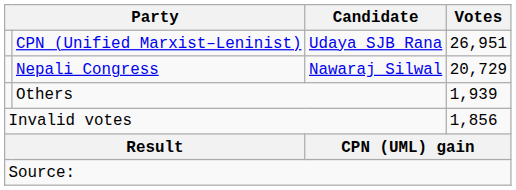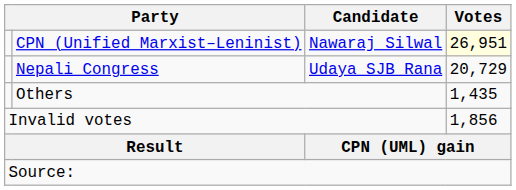 <table class="wikitable">
 <tr>
 <th colspan="2">Party</th>
 <th>Candidate</th>
 <th>Votes</th>
 </tr>
 <tr>
 <td style="background-color:"></td>
 <td><a href='#'>CPN (Unified Marxist–Leninist)</a></td>
-<td><a href='#'>Udaya SJB Rana</a></td>
-<td>26,951</td>
+<td><a href='#'>Nawaraj Silwal</a></td>
+<td style="background: lightyellow;">26,951</td>
 </tr>
 <tr>
 <td style="background-color:"></td>
 <td><a href='#'>Nepali Congress</a></td>
-<td><a href='#'>Nawaraj Silwal</a></td>
+<td><a href='#'>Udaya SJB Rana</a></td>
 <td>20,729</td>
 </tr>
 <tr>
 <td></td>
 <td colspan="2">Others</td>
-<td>1,939</td>
+<td>1,435</td>
 </tr>
 <tr>
 <td colspan="3">Invalid votes</td>
 <td>1,856</td>
 </tr>
 <tr>
 <th colspan="2">Result</th>
 <th colspan="2">CPN (UML) gain</th>
 </tr>
 <tr>
 <td colspan="4">Source: </td>
 </tr>
 </table>
